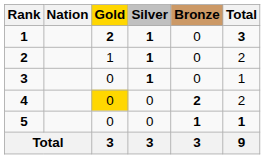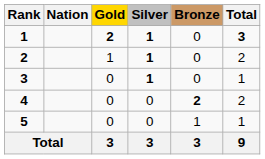 <table class="wikitable plainrowheaders" style="text-align:center;">
 <tr>
 <th>Rank</th>
 <th>Nation</th>
 <th style="background:    gold;">Gold</th>
 <th style="background:  silver;">Silver</th>
 <th style="background: #CC9966;">Bronze</th>
 <th>Total</th>
 </tr>
 <tr>
 <td><strong>1</strong></td>
 <td align=left></td>
 <td><strong>2</strong></td>
 <td><strong>1</strong></td>
 <td>0</td>
 <td><strong>3</strong></td>
 </tr>
 <tr>
 <td><strong>2</strong></td>
 <td align=left></td>
 <td>1</td>
 <td><strong>1</strong></td>
 <td>0</td>
 <td>2</td>
 </tr>
 <tr>
 <td><strong>3</strong></td>
 <td align=left></td>
 <td>0</td>
 <td><strong>1</strong></td>
 <td>0</td>
 <td>1</td>
 </tr>
 <tr>
 <td><strong>4</strong></td>
 <td align=left></td>
-<td style="background: gold;">0</td>
+<td>0</td>
 <td>0</td>
 <td><strong>2</strong></td>
 <td>2</td>
 </tr>
 <tr>
 <td><strong>5</strong></td>
 <td align=left><em></em></td>
 <td>0</td>
 <td>0</td>
-<td><strong>1</strong></td>
-<td><strong>1</strong></td>
+<td>1</td>
+<td>1</td>
 </tr>
 <tr>
 <th colspan="2">Total</th>
 <th>3</th>
 <th>3</th>
 <th>3</th>
 <th>9</th>
 </tr>
 </table>
